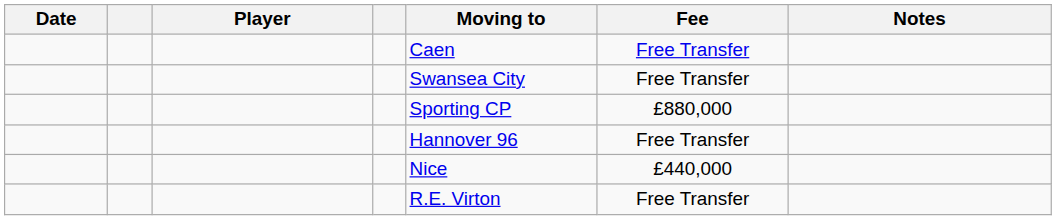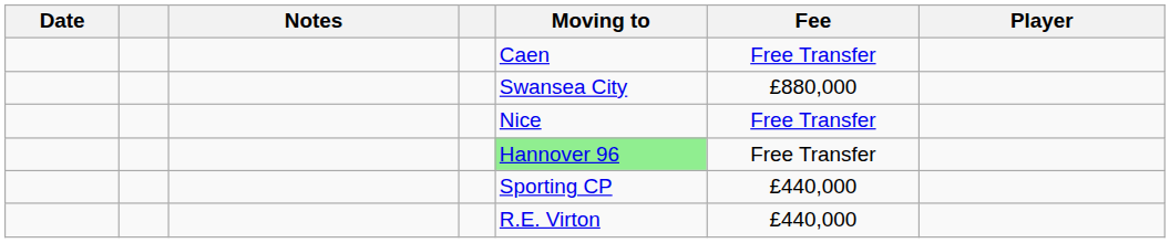 <table class="wikitable sortable">
 <tr>
 <th style="width:80px;">Date</th>
 <th style="width:30px;"></th>
-<th style="width:180px;">Player</th>
+<th style="width:215px;" class="unsortable">Notes</th>
 <th style="width:20px;"></th>
 <th style="width:155px;">Moving to</th>
 <th style="width:155px;" class="unsortable">Fee</th>
-<th style="width:215px;" class="unsortable">Notes</th>
+<th style="width:180px;">Player</th>
 </tr>
 <tr>
 <td></td>
 <td align=center></td>
-<td> </td>
+<td align=center></td>
 <td></td>
 <td> <a href='#'>Caen</a></td>
 <td align=center><a href='#'>Free Transfer</a></td>
-<td align=center></td>
+<td> </td>
 </tr>
 <tr>
 <td></td>
 <td align=center></td>
-<td> </td>
+<td align=center></td>
 <td></td>
 <td> <a href='#'>Swansea City</a></td>
-<td align=center>Free Transfer</td>
-<td align=center></td>
+<td align=center>£880,000</td>
+<td> </td>
 </tr>
 <tr>
 <td></td>
 <td align=center></td>
+<td align=center></td>
+<td></td>
+<td> <a href='#'>Nice</a></td>
+<td align=center><a href='#'>Free Transfer</a></td>
 <td> </td>
-<td></td>
-<td> <a href='#'>Sporting CP</a></td>
-<td align=center>£880,000</td>
-<td align=center></td>
 </tr>
 <tr>
 <td></td>
 <td align=center></td>
+<td align=center></td>
+<td></td>
+<td style="background: lightgreen;"> <a href='#'>Hannover 96</a></td>
+<td align=center>Free Transfer</td>
 <td> </td>
-<td></td>
-<td> <a href='#'>Hannover 96</a></td>
-<td align=center>Free Transfer</td>
-<td align=center></td>
 </tr>
 <tr>
 <td></td>
 <td align=center></td>
+<td align=center></td>
+<td></td>
+<td> <a href='#'>Sporting CP</a></td>
+<td align=center>£440,000</td>
 <td> </td>
-<td></td>
-<td> <a href='#'>Nice</a></td>
-<td align=center>£440,000</td>
-<td align=center></td>
 </tr>
 <tr>
 <td></td>
 <td align=center></td>
-<td> </td>
+<td align=center></td>
 <td></td>
 <td> <a href='#'>R.E. Virton</a></td>
-<td align=center>Free Transfer</td>
-<td align=center></td>
+<td align=center>£440,000</td>
+<td> </td>
 </tr>
 </table>
